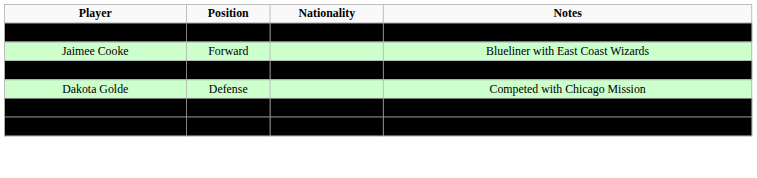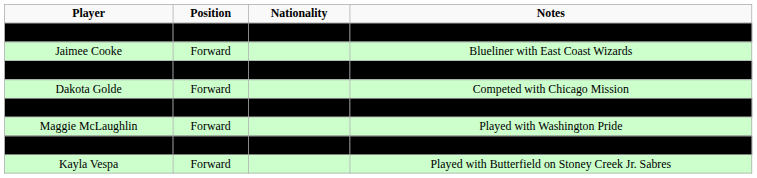 <table class="wikitable" width="80%">
 <tr align="center">
 <td><strong>Player</strong></td>
 <td><strong>Position</strong></td>
 <td><strong>Nationality</strong></td>
 <td><strong>Notes</strong></td>
 </tr>
 <tr align="center" bgcolor=" ">
 <td>Amanda Butterfield</td>
 <td>Defense</td>
 <td></td>
 <td><strong>Played for Stoney Creek Jr. Sabres</strong></td>
 </tr>
 <tr align="center" bgcolor="#ccffcc">
 <td>Jaimee Cooke</td>
 <td>Forward</td>
 <td></td>
 <td>Blueliner with East Coast Wizards</td>
 </tr>
 <tr align="center" bgcolor=" ">
 <td>Jacquie Diffley</td>
-<td>Forward</td>
+<td>Defense</td>
 <td></td>
 <td>Selected to Team Manitoba</td>
 </tr>
 <tr align="center" bgcolor="#ccffcc">
 <td>Dakota Golde</td>
-<td>Defense</td>
+<td>Forward</td>
 <td></td>
 <td>Competed with Chicago Mission</td>
 </tr>
 <tr align="center" bgcolor=" ">
 <td>Kalie Grant</td>
 <td>Defense</td>
 <td></td>
 <td>Played in Canada for Nepean Jr. Wildcats</td>
 </tr>
+<tr align="center" bgcolor="#ccffcc">
+<td>Maggie McLaughlin</td>
+<td>Forward</td>
+<td></td>
+<td>Played with Washington Pride</td>
+</tr>
 <tr align="center" bgcolor=" ">
 <td>Emily Middagh</td>
 <td>Forward</td>
 <td></td>
 <td>Cooke's teammate on East Coast Wizards</td>
 </tr>
+<tr align="center" bgcolor="#ccffcc">
+<td>Kayla Vespa</td>
+<td>Forward</td>
+<td></td>
+<td>Played with Butterfield on Stoney Creek Jr. Sabres</td>
+</tr>
 </table>
